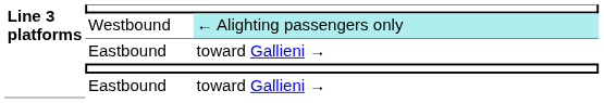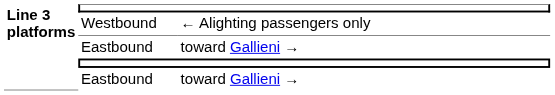 <table border=0 cellspacing=0 cellpadding=3>
 <tr>
 <td style="border-bottom:solid 1px gray;" width=50 rowspan=10 valign=top><strong>Line 3 platforms</strong></td>
 <td style="border-top:solid 1px gray;border-right:solid 2px black;border-left:solid 2px black;border-bottom:solid 2px black;text-align:center;" colspan=2></td>
 </tr>
 <tr>
 <td style="border-bottom:solid 1px gray;" width=100>Westbound</td>
-<td style="background: paleturquoise; border-bottom:solid 1px gray;" width=390>←   Alighting passengers only</td>
+<td style="border-bottom:solid 1px gray;" width=390>←   Alighting passengers only</td>
 </tr>
 <tr>
 <td>Eastbound</td>
 <td>   toward <a href='#'>Gallieni</a>  →</td>
 </tr>
 <tr>
 <td style="border-top:solid 2px black;border-right:solid 2px black;border-left:solid 2px black;border-bottom:solid 2px black;text-align:center;" colspan=2></td>
 </tr>
 <tr>
 <td>Eastbound</td>
 <td>   toward <a href='#'>Gallieni</a>  →</td>
 </tr>
 </table>
